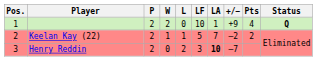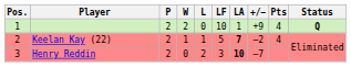 <table class="wikitable" style="text-align:center; margin: 1em auto 1em auto, align:left">
 <tr>
 <th width=20>Pos.</th>
 <th width=185>Player</th>
 <th width=20>P</th>
 <th width=20>W</th>
 <th width=20>L</th>
 <th width=20>LF</th>
 <th width=20>LA</th>
 <th width=25>+/−</th>
 <th width=20>Pts</th>
 <th width=70>Status</th>
 </tr>
 <tr style="background:#D0F0C0;">
 <td>1</td>
 <td align=left></td>
 <td>2</td>
 <td>2</td>
 <td>0</td>
 <td>10</td>
 <td>1</td>
 <td>+9</td>
 <td>4</td>
 <td><strong>Q</strong></td>
 </tr>
 <tr style="background:#FF8888;">
 <td>2</td>
 <td align=left> <a href='#'>Keelan Kay</a> (22)</td>
 <td>2</td>
 <td>1</td>
 <td>1</td>
 <td>5</td>
-<td>7</td>
+<td><strong>7</strong></td>
 <td>–2</td>
-<td>2</td>
+<td>4</td>
 <td rowspan=2>Eliminated</td>
 </tr>
 <tr style="background:#FF8888;">
 <td>3</td>
 <td align=left> <a href='#'>Henry Reddin</a></td>
 <td>2</td>
 <td>0</td>
 <td>2</td>
 <td>3</td>
 <td><strong>10</strong></td>
 <td>–7</td>
 <td></td>
 </tr>
 </table>
